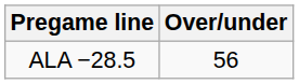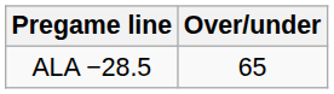 <table class="wikitable" style="margin-left: auto; margin-right: auto; border: none; display: inline-table;">
 <tr align="center">
 <th style=>Pregame line</th>
 <th style=>Over/under</th>
 </tr>
 <tr align="center">
 <td>ALA −28.5</td>
-<td>56</td>
+<td>65</td>
 </tr>
 </table>
